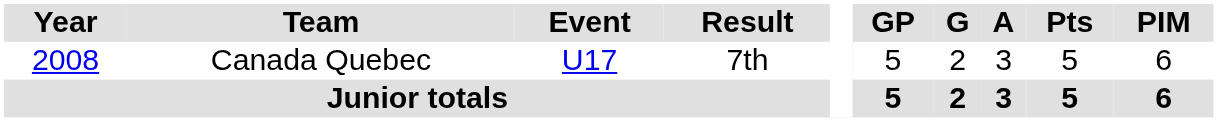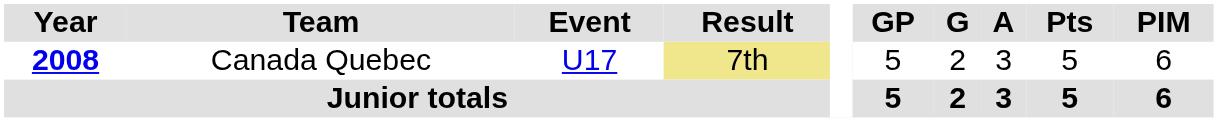 <table border="0" cellpadding="1" cellspacing="0" style="text-align:center; width:40em">
 <tr ALIGN="center" bgcolor="#e0e0e0">
 <th>Year</th>
 <th>Team</th>
 <th>Event</th>
 <th>Result</th>
 <th rowspan="99" bgcolor="#ffffff"> </th>
 <th>GP</th>
 <th>G</th>
 <th>A</th>
 <th>Pts</th>
 <th>PIM</th>
 </tr>
 <tr>
-<td><a href='#'>2008</a></td>
+<td><strong><a href='#'>2008</a></strong></td>
 <td>Canada Quebec</td>
 <td><a href='#'>U17</a></td>
-<td>7th</td>
+<td style="background: khaki;">7th</td>
 <td>5</td>
 <td>2</td>
 <td>3</td>
 <td>5</td>
 <td>6</td>
 </tr>
 <tr bgcolor="#e0e0e0">
 <th colspan=4>Junior totals</th>
 <th>5</th>
 <th>2</th>
 <th>3</th>
 <th>5</th>
 <th>6</th>
 </tr>
 </table>
